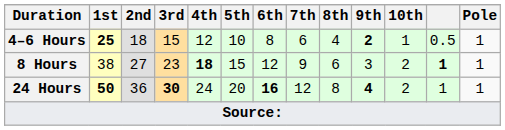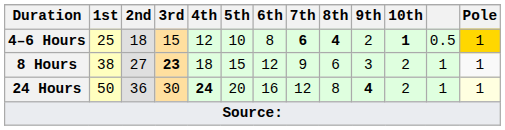 <table class="wikitable" style="font-size:90%; text-align:center;">
 <tr>
 </tr>
 <tr>
 <th>Duration</th>
 <th>1st</th>
 <th>2nd</th>
 <th>3rd</th>
 <th>4th</th>
 <th>5th</th>
 <th>6th</th>
 <th>7th</th>
 <th>8th</th>
 <th>9th</th>
 <th>10th</th>
 <th></th>
 <th>Pole</th>
 </tr>
 <tr>
 <th>4–6 Hours</th>
-<td style="background:#ffffbf;"><strong>25</strong></td>
+<td style="background:#ffffbf;">25</td>
 <td style="background:#dfdfdf;">18</td>
 <td style="background:#ffdf9f;">15</td>
 <td style="background:#dfffdf;">12</td>
 <td style="background:#dfffdf;">10</td>
 <td style="background:#dfffdf;">8</td>
-<td style="background:#dfffdf;">6</td>
-<td style="background:#dfffdf;">4</td>
-<td style="background:#dfffdf;"><strong>2</strong></td>
-<td style="background:#dfffdf;">1</td>
+<td style="background:#dfffdf;"><strong>6</strong></td>
+<td style="background:#dfffdf;"><strong>4</strong></td>
+<td style="background:#dfffdf;">2</td>
+<td style="background:#dfffdf;"><strong>1</strong></td>
 <td style="background:#dfffdf;">0.5</td>
-<td>1</td>
+<td style="background: gold;">1</td>
 </tr>
 <tr>
 <th>8 Hours</th>
 <td style="background:#ffffbf;">38</td>
 <td style="background:#dfdfdf;">27</td>
-<td style="background:#ffdf9f;">23</td>
-<td style="background:#dfffdf;"><strong>18</strong></td>
+<td style="background:#ffdf9f;"><strong>23</strong></td>
+<td style="background:#dfffdf;">18</td>
 <td style="background:#dfffdf;">15</td>
 <td style="background:#dfffdf;">12</td>
 <td style="background:#dfffdf;">9</td>
 <td style="background:#dfffdf;">6</td>
 <td style="background:#dfffdf;">3</td>
 <td style="background:#dfffdf;">2</td>
-<td style="background:#dfffdf;"><strong>1</strong></td>
+<td style="background:#dfffdf;">1</td>
 <td>1</td>
 </tr>
 <tr>
 <th>24 Hours</th>
-<td style="background:#ffffbf;"><strong>50</strong></td>
+<td style="background:#ffffbf;">50</td>
 <td style="background:#dfdfdf;">36</td>
-<td style="background:#ffdf9f;"><strong>30</strong></td>
-<td style="background:#dfffdf;">24</td>
+<td style="background:#ffdf9f;">30</td>
+<td style="background:#dfffdf;"><strong>24</strong></td>
 <td style="background:#dfffdf;">20</td>
-<td style="background:#dfffdf;"><strong>16</strong></td>
+<td style="background:#dfffdf;">16</td>
 <td style="background:#dfffdf;">12</td>
 <td style="background:#dfffdf;">8</td>
 <td style="background:#dfffdf;"><strong>4</strong></td>
 <td style="background:#dfffdf;">2</td>
 <td style="background:#dfffdf;">1</td>
-<td>1</td>
+<td style="background: lightyellow;">1</td>
 </tr>
 <tr class="sortbottom">
 <td colspan="13" style="background-color:#EAECF0;text-align:center"><strong>Source:</strong></td>
 </tr>
 </table>
